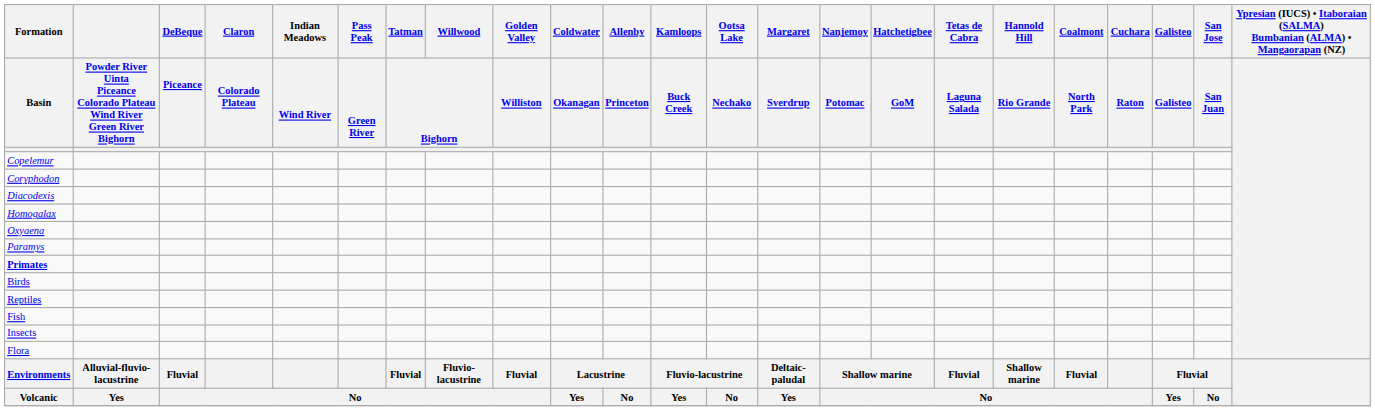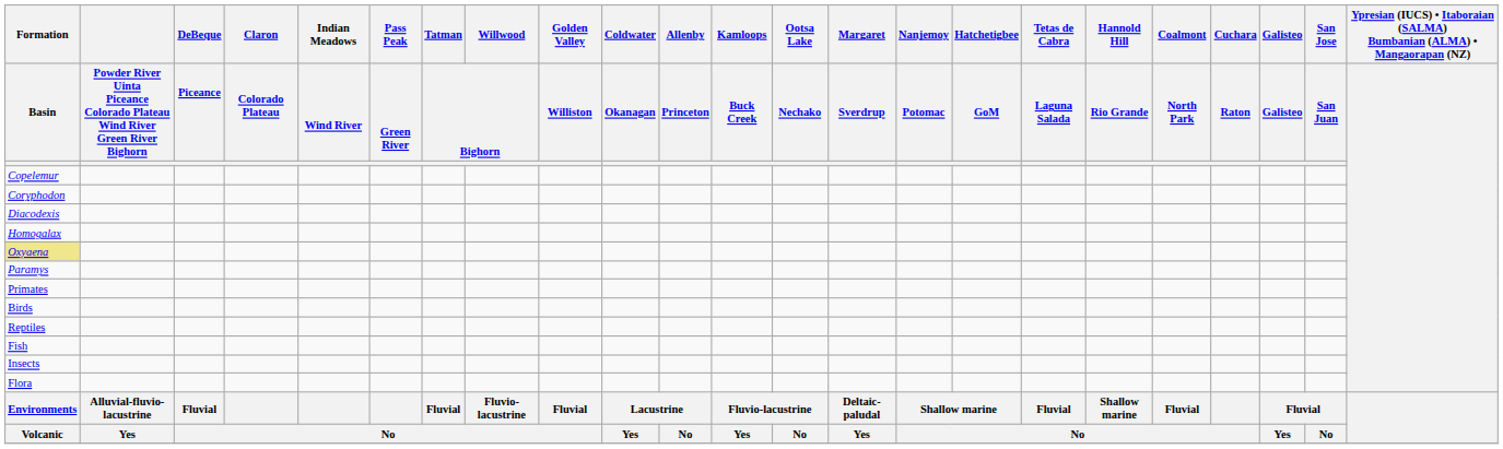 <table class="wikitable" style="font-size: 60%">
 <tr>
 <th>Formation</th>
 <th></th>
 <th><a href='#'>DeBeque</a></th>
 <th><a href='#'>Claron</a></th>
 <th>Indian Meadows</th>
 <th><a href='#'>Pass Peak</a></th>
 <th><a href='#'>Tatman</a></th>
 <th><a href='#'>Willwood</a></th>
 <th><a href='#'>Golden Valley</a></th>
 <th><a href='#'>Coldwater</a></th>
 <th><a href='#'>Allenby</a></th>
 <th><a href='#'>Kamloops</a></th>
 <th><a href='#'>Ootsa Lake</a></th>
 <th><a href='#'>Margaret</a></th>
 <th><a href='#'>Nanjemoy</a></th>
 <th><a href='#'>Hatchetigbee</a></th>
 <th><a href='#'>Tetas de Cabra</a></th>
 <th><a href='#'>Hannold Hill</a></th>
 <th><a href='#'>Coalmont</a></th>
 <th><a href='#'>Cuchara</a></th>
 <th><a href='#'>Galisteo</a></th>
 <th><a href='#'>San Jose</a></th>
 <th><a href='#'>Ypresian</a> (IUCS) • <a href='#'>Itaboraian</a> (<a href='#'>SALMA</a>)<br><a href='#'>Bumbanian</a> (<a href='#'>ALMA</a>) • <a href='#'>Mangaorapan</a> (NZ)</th>
 </tr>
 <tr>
 <th>Basin</th>
 <th><a href='#'>Powder River</a><br><a href='#'>Uinta</a><br><a href='#'>Piceance</a><br><a href='#'>Colorado Plateau</a><br><a href='#'>Wind River</a><br><a href='#'>Green River</a><br><a href='#'>Bighorn</a></th>
 <th><a href='#'>Piceance</a><br><br><br><br></th>
 <th><br><a href='#'>Colorado Plateau</a><br><br><br></th>
 <th><br><br><br><a href='#'>Wind River</a><br><br></th>
 <th><br><br><br><br><a href='#'>Green River</a><br></th>
 <th colspan=2><br><br><br><br><br><br><a href='#'>Bighorn</a></th>
 <th><a href='#'>Williston</a></th>
 <th><a href='#'>Okanagan</a></th>
 <th><a href='#'>Princeton</a></th>
 <th><a href='#'>Buck Creek</a></th>
 <th><a href='#'>Nechako</a></th>
 <th><a href='#'>Sverdrup</a></th>
 <th><a href='#'>Potomac</a></th>
 <th><a href='#'>GoM</a></th>
 <th><a href='#'>Laguna Salada</a></th>
 <th><a href='#'>Rio Grande</a></th>
 <th><a href='#'>North Park</a></th>
 <th><a href='#'>Raton</a></th>
 <th><a href='#'>Galisteo</a></th>
 <th><a href='#'>San Juan</a></th>
 <th align=center rowspan=14></th>
 </tr>
 <tr>
 <th></th>
 <th colspan=8></th>
 <th colspan=5></th>
 <th colspan=2></th>
 <th></th>
 <th colspan=5></th>
 </tr>
 <tr>
 <td><em><a href='#'>Copelemur</a></em></td>
 <td align=center></td>
 <td align=center></td>
 <td align=center></td>
 <td align=center></td>
 <td align=center></td>
 <td align=center></td>
 <td align=center></td>
 <td align=center></td>
 <td align=center></td>
 <td align=center></td>
 <td align=center></td>
 <td align=center></td>
 <td align=center></td>
 <td align=center></td>
 <td align=center></td>
 <td align=center></td>
 <td align=center></td>
 <td align=center></td>
 <td align=center></td>
 <td align=center></td>
 <td align=center></td>
 </tr>
 <tr>
 <td><em><a href='#'>Coryphodon</a></em></td>
 <td align=center></td>
 <td align=center></td>
 <td align=center></td>
 <td align=center></td>
 <td align=center></td>
 <td align=center></td>
 <td align=center></td>
 <td align=center></td>
 <td align=center></td>
 <td align=center></td>
 <td align=center></td>
 <td align=center></td>
 <td align=center></td>
 <td align=center></td>
 <td align=center></td>
 <td align=center></td>
 <td align=center></td>
 <td align=center></td>
 <td align=center></td>
 <td align=center></td>
 <td align=center></td>
 </tr>
 <tr>
 <td><em><a href='#'>Diacodexis</a></em></td>
 <td align=center></td>
 <td align=center></td>
 <td align=center></td>
 <td align=center></td>
 <td align=center></td>
 <td align=center></td>
 <td align=center></td>
 <td align=center></td>
 <td align=center></td>
 <td align=center></td>
 <td align=center></td>
 <td align=center></td>
 <td align=center></td>
 <td align=center></td>
 <td align=center></td>
 <td align=center></td>
 <td align=center></td>
 <td align=center></td>
 <td align=center></td>
 <td align=center></td>
 <td align=center></td>
 </tr>
 <tr>
 <td><em><a href='#'>Homogalax</a></em></td>
 <td align=center></td>
 <td align=center></td>
 <td align=center></td>
 <td align=center></td>
 <td align=center></td>
 <td align=center></td>
 <td align=center></td>
 <td align=center></td>
 <td align=center></td>
 <td align=center></td>
 <td align=center></td>
 <td align=center></td>
 <td align=center></td>
 <td align=center></td>
 <td align=center></td>
 <td align=center></td>
 <td align=center></td>
 <td align=center></td>
 <td align=center></td>
 <td align=center></td>
 <td align=center></td>
 </tr>
 <tr>
-<td><em><a href='#'>Oxyaena</a></em></td>
+<td style="background: khaki;"><em><a href='#'>Oxyaena</a></em></td>
 <td align=center></td>
 <td align=center></td>
 <td align=center></td>
 <td align=center></td>
 <td align=center></td>
 <td align=center></td>
 <td align=center></td>
 <td align=center></td>
 <td align=center></td>
 <td align=center></td>
 <td align=center></td>
 <td align=center></td>
 <td align=center></td>
 <td align=center></td>
 <td align=center></td>
 <td align=center></td>
 <td align=center></td>
 <td align=center></td>
 <td align=center></td>
 <td align=center></td>
 <td align=center></td>
 </tr>
 <tr>
 <td><em><a href='#'>Paramys</a></em></td>
 <td align=center></td>
 <td align=center></td>
 <td align=center></td>
 <td align=center></td>
 <td align=center></td>
 <td align=center></td>
 <td align=center></td>
 <td align=center></td>
 <td align=center></td>
 <td align=center></td>
 <td align=center></td>
 <td align=center></td>
 <td align=center></td>
 <td align=center></td>
 <td align=center></td>
 <td align=center></td>
 <td align=center></td>
 <td align=center></td>
 <td align=center></td>
 <td align=center></td>
 <td align=center></td>
 </tr>
 <tr>
-<td><strong><a href='#'>Primates</a></strong></td>
+<td><a href='#'>Primates</a></td>
 <td align=center></td>
 <td align=center></td>
 <td align=center></td>
 <td align=center></td>
 <td align=center></td>
 <td align=center></td>
 <td align=center></td>
 <td align=center></td>
 <td align=center></td>
 <td align=center></td>
 <td align=center></td>
 <td align=center></td>
 <td align=center></td>
 <td align=center></td>
 <td align=center></td>
 <td align=center></td>
 <td align=center></td>
 <td align=center></td>
 <td align=center></td>
 <td align=center></td>
 <td align=center></td>
 </tr>
 <tr>
 <td><a href='#'>Birds</a></td>
 <td align=center></td>
 <td align=center></td>
 <td align=center></td>
 <td align=center></td>
 <td align=center></td>
 <td align=center></td>
 <td align=center></td>
 <td align=center></td>
 <td align=center></td>
 <td align=center></td>
 <td align=center></td>
 <td align=center></td>
 <td align=center></td>
 <td align=center></td>
 <td align=center></td>
 <td align=center></td>
 <td align=center></td>
 <td align=center></td>
 <td align=center></td>
 <td align=center></td>
 <td align=center></td>
 </tr>
 <tr>
 <td><a href='#'>Reptiles</a></td>
 <td align=center></td>
 <td align=center></td>
 <td align=center></td>
 <td align=center></td>
 <td align=center></td>
 <td align=center></td>
 <td align=center></td>
 <td align=center></td>
 <td align=center></td>
 <td align=center></td>
 <td align=center></td>
 <td align=center></td>
 <td align=center></td>
 <td align=center></td>
 <td align=center></td>
 <td align=center></td>
 <td align=center></td>
 <td align=center></td>
 <td align=center></td>
 <td align=center></td>
 <td align=center></td>
 </tr>
 <tr>
 <td><a href='#'>Fish</a></td>
 <td align=center></td>
 <td align=center></td>
 <td align=center></td>
 <td align=center></td>
 <td align=center></td>
 <td align=center></td>
 <td align=center></td>
 <td align=center></td>
 <td align=center></td>
 <td align=center></td>
 <td align=center></td>
 <td align=center></td>
 <td align=center></td>
 <td align=center></td>
 <td align=center></td>
 <td align=center></td>
 <td align=center></td>
 <td align=center></td>
 <td align=center></td>
 <td align=center></td>
 <td align=center></td>
 </tr>
 <tr>
 <td><a href='#'>Insects</a></td>
 <td align=center></td>
 <td align=center></td>
 <td align=center></td>
 <td align=center></td>
 <td align=center></td>
 <td align=center></td>
 <td align=center></td>
 <td align=center></td>
 <td align=center></td>
 <td align=center></td>
 <td align=center></td>
 <td align=center></td>
 <td align=center></td>
 <td align=center></td>
 <td align=center></td>
 <td align=center></td>
 <td align=center></td>
 <td align=center></td>
 <td align=center></td>
 <td align=center></td>
 <td align=center></td>
 </tr>
 <tr>
 <td><a href='#'>Flora</a></td>
 <td align=center></td>
 <td align=center></td>
 <td align=center></td>
 <td align=center></td>
 <td align=center></td>
 <td align=center></td>
 <td align=center></td>
 <td align=center></td>
 <td align=center></td>
 <td align=center></td>
 <td align=center></td>
 <td align=center></td>
 <td align=center></td>
 <td align=center></td>
 <td align=center></td>
 <td align=center></td>
 <td align=center></td>
 <td align=center></td>
 <td align=center></td>
 <td align=center></td>
 <td align=center></td>
 </tr>
 <tr>
 <th><a href='#'>Environments</a></th>
 <th>Alluvial-fluvio-lacustrine</th>
 <th>Fluvial</th>
 <th></th>
 <th></th>
 <th></th>
 <th>Fluvial</th>
 <th>Fluvio-lacustrine</th>
 <th>Fluvial</th>
 <th colspan=2>Lacustrine</th>
 <th colspan=2>Fluvio-lacustrine</th>
 <th>Deltaic-paludal</th>
 <th colspan=2>Shallow marine</th>
 <th>Fluvial</th>
 <th>Shallow marine</th>
 <th>Fluvial</th>
 <th></th>
 <th colspan=2>Fluvial</th>
 <th rowspan=2 align=left><br><br></th>
 </tr>
 <tr>
 <th>Volcanic</th>
 <th>Yes</th>
 <th colspan=7>No</th>
 <th>Yes</th>
 <th>No</th>
 <th>Yes</th>
 <th>No</th>
 <th>Yes</th>
 <th colspan=6>No</th>
 <th>Yes</th>
 <th>No</th>
 </tr>
 <tr>
 </tr>
 </table>
